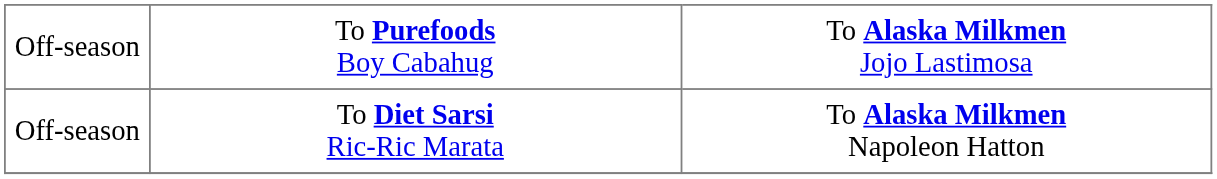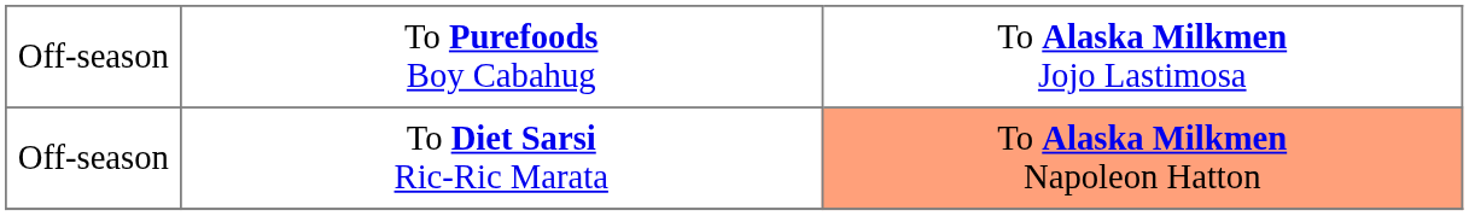 <table border="1" style="border-collapse:collapse; text-align: center" cellpadding="5">
 <tr>
 <td style="width:12%">Off-season</td>
 <td style="width:44%" valign="top">To <strong><a href='#'>Purefoods</a></strong><br><a href='#'>Boy Cabahug</a></td>
 <td style="width:44%" valign="top">To <strong><a href='#'>Alaska Milkmen</a></strong><br><a href='#'>Jojo Lastimosa</a></td>
 </tr>
 <tr>
 <td style="width:12%">Off-season</td>
 <td style="width:44%" valign="top">To <strong><a href='#'>Diet Sarsi</a></strong><br><a href='#'>Ric-Ric Marata</a></td>
-<td style="width:44%" valign="top">To <strong><a href='#'>Alaska Milkmen</a></strong><br>Napoleon Hatton</td>
+<td style="background: lightsalmon; width:44%" valign="top">To <strong><a href='#'>Alaska Milkmen</a></strong><br>Napoleon Hatton</td>
 </tr>
 <tr>
 </tr>
 </table>
